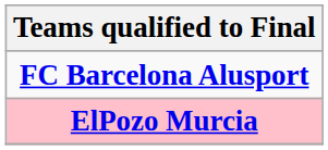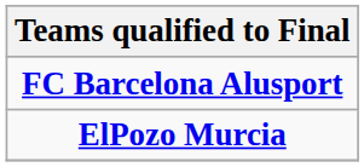 <table class="wikitable" style="text-align: center; margin: 0 auto;">
 <tr>
 <th colspan="2">Teams qualified to Final</th>
 </tr>
 <tr>
 <td><strong><a href='#'>FC Barcelona Alusport</a></strong></td>
 </tr>
 <tr>
-<td style="background: pink;"><strong><a href='#'>ElPozo Murcia</a></strong></td>
+<td><strong><a href='#'>ElPozo Murcia</a></strong></td>
 </tr>
 <tr>
 </tr>
 </table>
